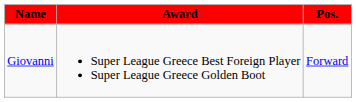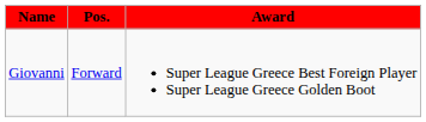 <table class="wikitable">
 <tr>
 <th style="background:#FF0000;">Name</th>
+<th style="background:#FF0000;">Pos.</th>
 <th style="background:#FF0000; !"><strong>Award</strong></th>
-<th style="background:#FF0000;">Pos.</th>
 </tr>
 <tr>
 <td> <a href='#'>Giovanni</a></td>
+<td><a href='#'>Forward</a></td>
 <td><br><ul><li>Super League Greece Best Foreign Player</li><li>Super League Greece Golden Boot</li></ul></td>
-<td><a href='#'>Forward</a></td>
 </tr>
 </table>
